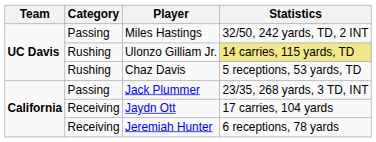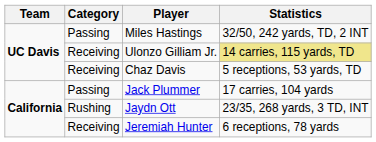 <table class="wikitable" style="float: right;">
 <tr>
 <th>Team</th>
 <th>Category</th>
 <th>Player</th>
 <th>Statistics</th>
 </tr>
 <tr>
 <td rowspan=3><strong>UC Davis</strong></td>
 <td>Passing</td>
 <td>Miles Hastings</td>
 <td>32/50, 242 yards, TD, 2 INT</td>
 </tr>
 <tr>
-<td>Rushing</td>
+<td>Receiving</td>
 <td>Ulonzo Gilliam Jr.</td>
 <td style="background: khaki;">14 carries, 115 yards, TD</td>
 </tr>
 <tr>
-<td>Rushing</td>
+<td>Receiving</td>
 <td>Chaz Davis</td>
 <td>5 receptions, 53 yards, TD</td>
 </tr>
 <tr>
 <td rowspan=3><strong>California</strong></td>
 <td>Passing</td>
 <td><a href='#'>Jack Plummer</a></td>
-<td>23/35, 268 yards, 3 TD, INT</td>
+<td>17 carries, 104 yards</td>
 </tr>
 <tr>
-<td>Receiving</td>
+<td>Rushing</td>
 <td><a href='#'>Jaydn Ott</a></td>
-<td>17 carries, 104 yards</td>
+<td>23/35, 268 yards, 3 TD, INT</td>
 </tr>
 <tr>
 <td>Receiving</td>
 <td><a href='#'>Jeremiah Hunter</a></td>
 <td>6 receptions, 78 yards</td>
 </tr>
 </table>
